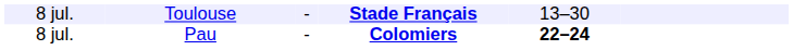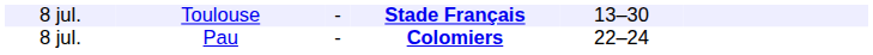 <table border=0 cellspacing=0 cellpadding=0 style="font-size: 100%; border-collapse: collapse; width:auto">
 <tr align=center bgcolor=#EEEEFF>
 <td width=90>8 jul.</td>
 <td width=170><a href='#'>Toulouse</a></td>
 <td width=20>-</td>
 <td width=170><strong><a href='#'>Stade Français</a></strong></td>
 <td width=100>13–30</td>
 <td width=150></td>
 </tr>
 <tr align=center bgcolor=#FFFFFF>
 <td width=90>8 jul.</td>
 <td width=170><a href='#'>Pau</a></td>
 <td width=20>-</td>
 <td width=170><strong><a href='#'>Colomiers</a></strong></td>
-<td width100><strong>22–24</strong></td>
+<td width100>22–24</td>
 <td width=150></td>
 </tr>
 </table>
